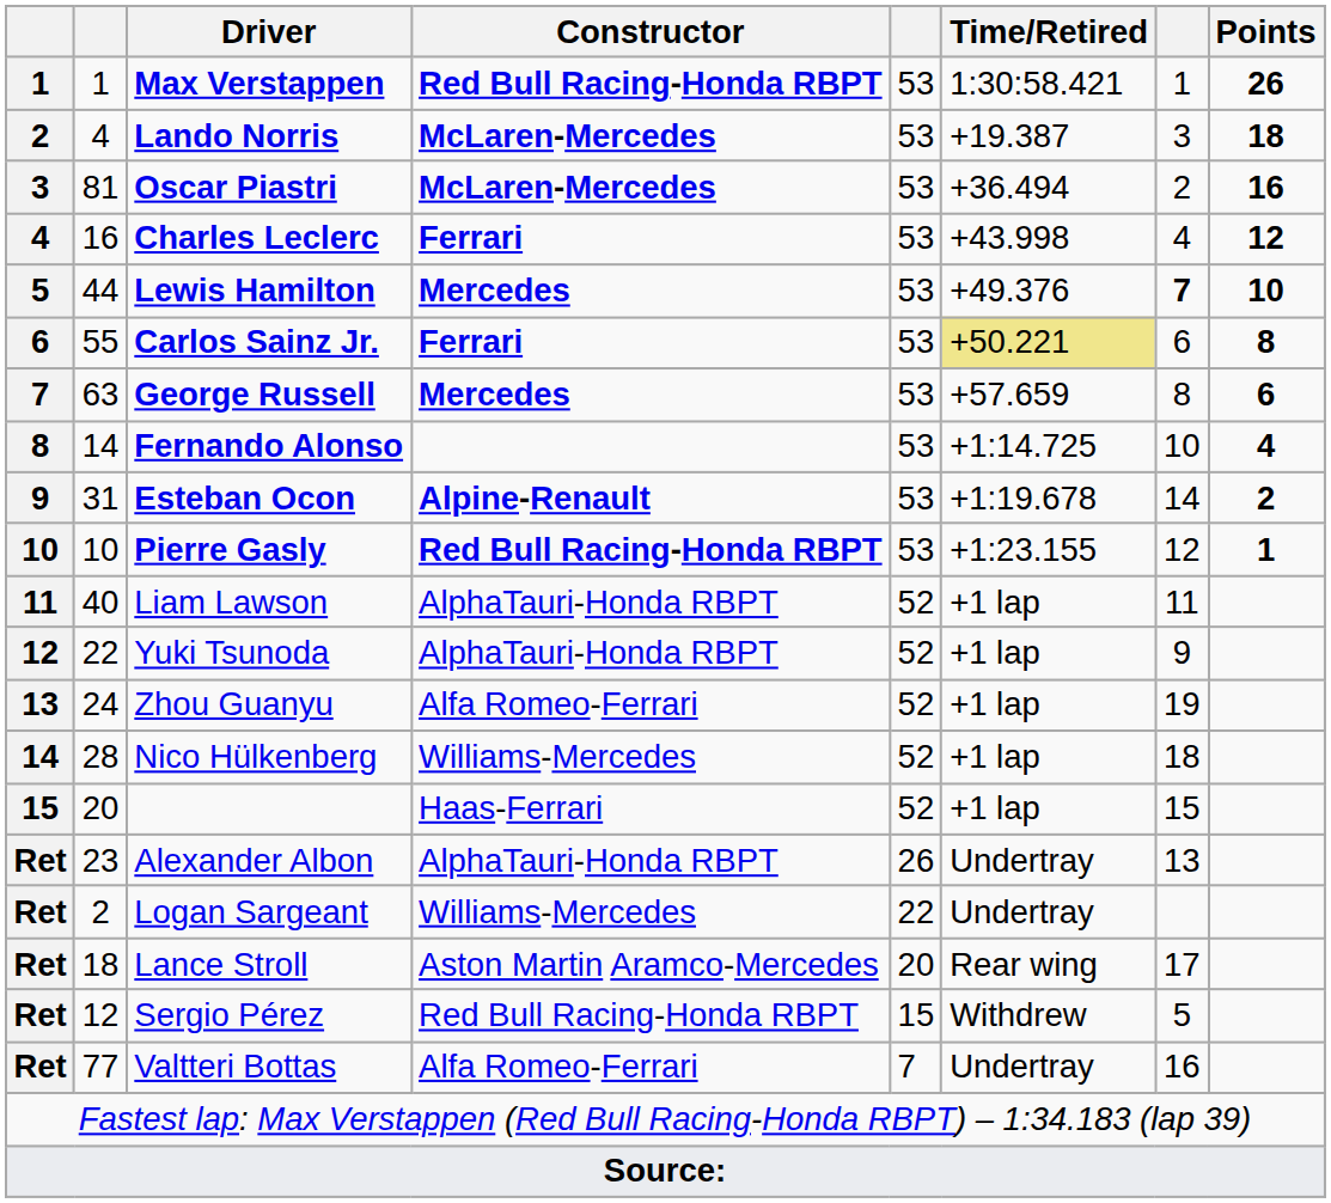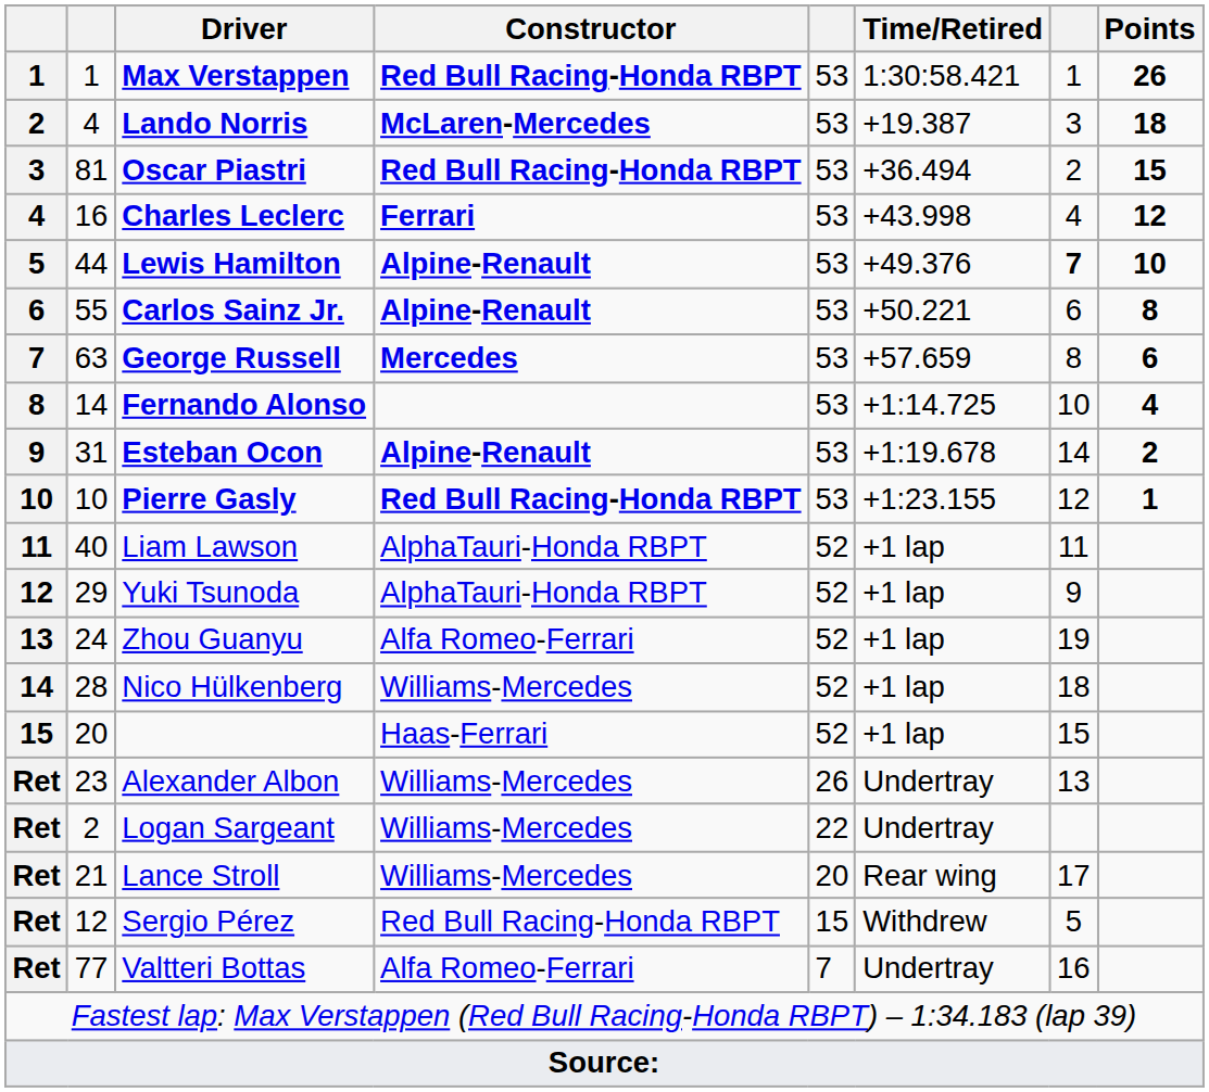 <table class="wikitable sortable" style="font-size: 85%;">
 <tr>
 <th scope="col"></th>
 <th scope="col"></th>
 <th scope="col">Driver</th>
 <th scope="col">Constructor</th>
 <th class="unsortable" scope="col"></th>
 <th class="unsortable" scope="col">Time/Retired</th>
 <th scope="col"></th>
 <th scope="col">Points</th>
 </tr>
 <tr>
 <th>1</th>
 <td align="center">1</td>
 <td data-sort-value="ver"><strong> <a href='#'>Max Verstappen</a></strong></td>
 <td><strong><a href='#'>Red Bull Racing</a>-<a href='#'>Honda RBPT</a></strong></td>
 <td>53</td>
 <td>1:30:58.421</td>
 <td align="center">1</td>
 <td align="center"><strong>26</strong></td>
 </tr>
 <tr>
 <th>2</th>
 <td align="center">4</td>
 <td data-sort-value="nor"><strong> <a href='#'>Lando Norris</a></strong></td>
 <td><strong><a href='#'>McLaren</a>-<a href='#'>Mercedes</a></strong></td>
 <td>53</td>
 <td>+19.387</td>
 <td align="center">3</td>
 <td align="center"><strong>18</strong></td>
 </tr>
 <tr>
 <th>3</th>
 <td align="center">81</td>
 <td data-sort-value="pia"> <strong><a href='#'>Oscar Piastri</a></strong></td>
-<td><strong><a href='#'>McLaren</a>-<a href='#'>Mercedes</a></strong></td>
+<td><strong><a href='#'>Red Bull Racing</a>-<a href='#'>Honda RBPT</a></strong></td>
 <td>53</td>
 <td>+36.494</td>
 <td align="center">2</td>
-<td align="center"><strong>16</strong></td>
+<td align="center"><strong>15</strong></td>
 </tr>
 <tr>
 <th>4</th>
 <td align="center">16</td>
 <td data-sort-value="lec"> <strong><a href='#'>Charles Leclerc</a></strong></td>
 <td><strong><a href='#'>Ferrari</a></strong></td>
 <td>53</td>
 <td>+43.998</td>
 <td align="center">4</td>
 <td align="center"><strong>12</strong></td>
 </tr>
 <tr>
 <th>5</th>
 <td align="center">44</td>
 <td data-sort-value="ham"><strong> <a href='#'>Lewis Hamilton</a></strong></td>
-<td><strong><a href='#'>Mercedes</a></strong></td>
+<td><strong><a href='#'>Alpine</a>-<a href='#'>Renault</a></strong></td>
 <td>53</td>
 <td>+49.376</td>
 <td align="center"><strong>7</strong></td>
 <td align="center"><strong>10</strong></td>
 </tr>
 <tr>
 <th>6</th>
 <td align="center">55</td>
 <td data-sort-value="sai"><strong> <a href='#'>Carlos Sainz Jr.</a></strong></td>
-<td><strong><a href='#'>Ferrari</a></strong></td>
+<td><strong><a href='#'>Alpine</a>-<a href='#'>Renault</a></strong></td>
 <td>53</td>
-<td style="background: khaki;">+50.221</td>
+<td>+50.221</td>
 <td align="center">6</td>
 <td align="center"><strong>8</strong></td>
 </tr>
 <tr>
 <th>7</th>
 <td align="center">63</td>
 <td data-sort-value="rus"><strong> <a href='#'>George Russell</a></strong></td>
 <td><strong><a href='#'>Mercedes</a></strong></td>
 <td>53</td>
 <td>+57.659</td>
 <td align="center">8</td>
 <td align="center"><strong>6</strong></td>
 </tr>
 <tr>
 <th>8</th>
 <td align="center">14</td>
 <td data-sort-value="alo"><strong> <a href='#'>Fernando Alonso</a></strong></td>
 <td><strong></strong></td>
 <td>53</td>
 <td>+1:14.725</td>
 <td align="center">10</td>
 <td align="center"><strong>4</strong></td>
 </tr>
 <tr>
 <th>9</th>
 <td align="center">31</td>
 <td data-sort-value="oco"><strong> <a href='#'>Esteban Ocon</a></strong></td>
 <td><strong><a href='#'>Alpine</a>-<a href='#'>Renault</a></strong></td>
 <td>53</td>
 <td>+1:19.678</td>
 <td align="center">14</td>
 <td align="center"><strong>2</strong></td>
 </tr>
 <tr>
 <th>10</th>
 <td align="center">10</td>
 <td data-sort-value="gas"> <strong><a href='#'>Pierre Gasly</a></strong></td>
 <td><strong><a href='#'>Red Bull Racing</a>-<a href='#'>Honda RBPT</a></strong></td>
 <td>53</td>
 <td>+1:23.155</td>
 <td align="center">12</td>
 <td align="center"><strong>1</strong></td>
 </tr>
 <tr>
 <th>11</th>
 <td align="center">40</td>
 <td data-sort-value="law"> <a href='#'>Liam Lawson</a></td>
 <td><a href='#'>AlphaTauri</a>-<a href='#'>Honda RBPT</a></td>
 <td>52</td>
 <td>+1 lap</td>
 <td align="center">11</td>
 <td></td>
 </tr>
 <tr>
 <th>12</th>
-<td align="center">22</td>
+<td align="center">29</td>
 <td data-sort-value="tsu"> <a href='#'>Yuki Tsunoda</a></td>
 <td><a href='#'>AlphaTauri</a>-<a href='#'>Honda RBPT</a></td>
 <td>52</td>
 <td>+1 lap</td>
 <td align="center">9</td>
 <td></td>
 </tr>
 <tr>
 <th>13</th>
 <td align="center">24</td>
 <td data-sort-value="zho"> <a href='#'>Zhou Guanyu</a></td>
 <td><a href='#'>Alfa Romeo</a>-<a href='#'>Ferrari</a></td>
 <td>52</td>
 <td>+1 lap</td>
 <td align="center">19</td>
 <td></td>
 </tr>
 <tr>
 <th>14</th>
 <td align="center">28</td>
 <td data-sort-value="hul"> <a href='#'>Nico Hülkenberg</a></td>
 <td><a href='#'>Williams</a>-<a href='#'>Mercedes</a></td>
 <td>52</td>
 <td>+1 lap</td>
 <td align="center">18</td>
 <td></td>
 </tr>
 <tr>
 <th>15</th>
 <td align="center">20</td>
 <td data-sort-value="mag"></td>
 <td><a href='#'>Haas</a>-<a href='#'>Ferrari</a></td>
 <td>52</td>
 <td>+1 lap</td>
 <td align="center">15</td>
 <td></td>
 </tr>
 <tr>
 <th>Ret</th>
 <td align="center">23</td>
 <td data-sort-value="alb"> <a href='#'>Alexander Albon</a></td>
-<td><a href='#'>AlphaTauri</a>-<a href='#'>Honda RBPT</a></td>
+<td><a href='#'>Williams</a>-<a href='#'>Mercedes</a></td>
 <td>26</td>
 <td>Undertray</td>
 <td align="center">13</td>
 <td align="center"></td>
 </tr>
 <tr>
 <th>Ret</th>
 <td align="center">2</td>
 <td data-sort-value="sar"> <a href='#'>Logan Sargeant</a></td>
 <td><a href='#'>Williams</a>-<a href='#'>Mercedes</a></td>
 <td>22</td>
 <td>Undertray</td>
 <td align="center"></td>
 <td></td>
 </tr>
 <tr>
 <th>Ret</th>
-<td align="center">18</td>
+<td align="center">21</td>
 <td data-sort-value="str"> <a href='#'>Lance Stroll</a></td>
-<td><a href='#'>Aston Martin</a> <a href='#'>Aramco</a>-<a href='#'>Mercedes</a></td>
+<td><a href='#'>Williams</a>-<a href='#'>Mercedes</a></td>
 <td>20</td>
 <td>Rear wing</td>
 <td align="center">17</td>
 <td></td>
 </tr>
 <tr>
 <th>Ret</th>
 <td align="center">12</td>
 <td data-sort-value="per"> <a href='#'>Sergio Pérez</a></td>
 <td><a href='#'>Red Bull Racing</a>-<a href='#'>Honda RBPT</a></td>
 <td>15</td>
 <td>Withdrew</td>
 <td align="center">5</td>
 <td align="center"></td>
 </tr>
 <tr>
 <th>Ret</th>
 <td align="center">77</td>
 <td data-sort-value="bot"> <a href='#'>Valtteri Bottas</a></td>
 <td><a href='#'>Alfa Romeo</a>-<a href='#'>Ferrari</a></td>
 <td>7</td>
 <td>Undertray</td>
 <td align="center">16</td>
 <td></td>
 </tr>
 <tr class="sortbottom">
 <td colspan="8" align="center"><em><a href='#'>Fastest lap</a>:</em>  <em><a href='#'>Max Verstappen</a> (<a href='#'>Red Bull Racing</a>-<a href='#'>Honda RBPT</a>) – 1:34.183 (lap 39)</em></td>
 </tr>
 <tr class="sortbottom">
 <td colspan="8" style="background-color:#eaecf0;text-align:center"><strong>Source:</strong></td>
 </tr>
 </table>
